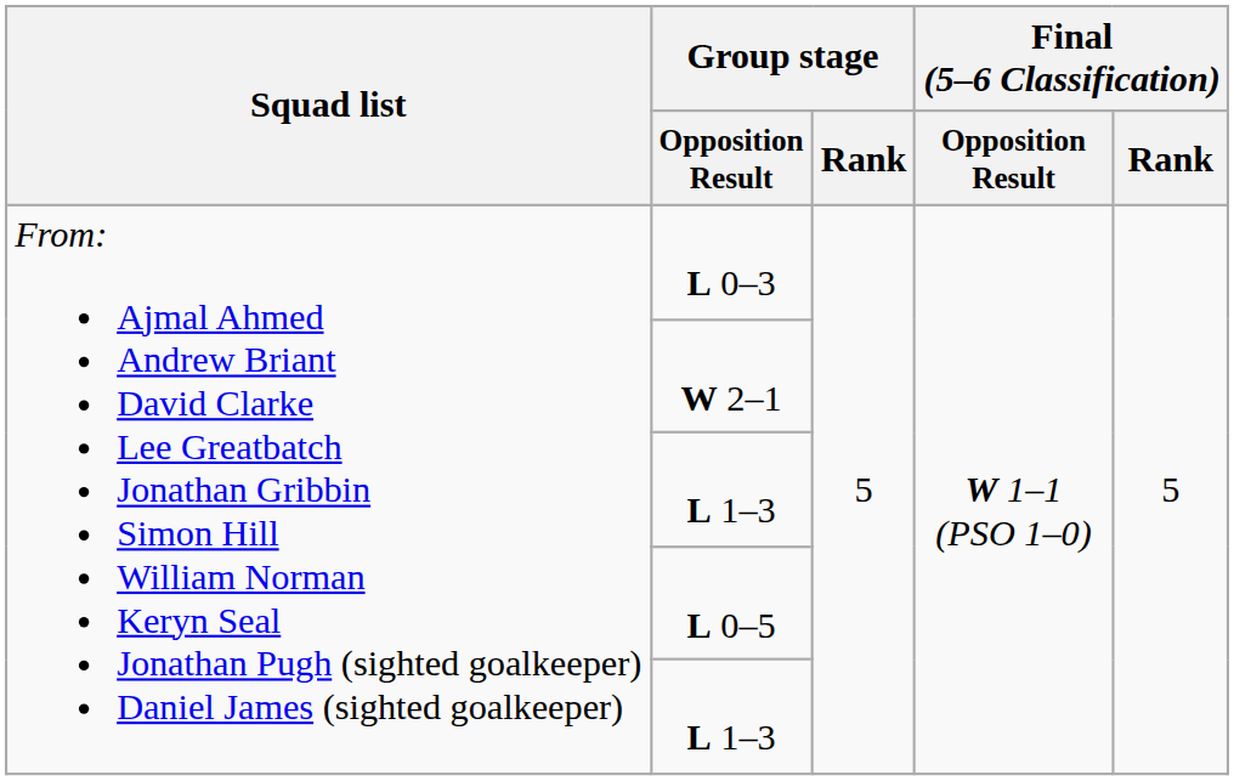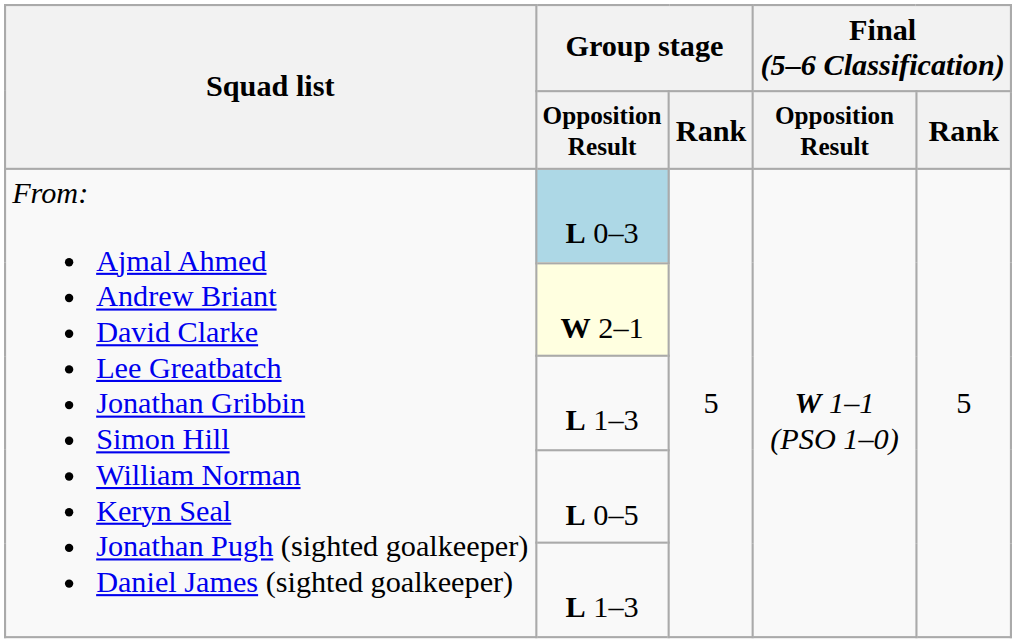 <table class=wikitable style="font-size:90%">
 <tr>
 <th rowspan="2">Squad list</th>
 <th colspan="2">Group stage</th>
 <th colspan="2">Final<br><em>(5–6 Classification)</em></th>
 </tr>
 <tr>
 <th style="line-height:1em"><small>Opposition<br>Result</small></th>
 <th>Rank</th>
 <th style="line-height:1em"><small>Opposition<br>Result</small></th>
 <th>Rank</th>
 </tr>
 <tr>
 <td rowspan="5"><em>From:</em><br><ul><li><a href='#'>Ajmal Ahmed</a></li><li><a href='#'>Andrew Briant</a></li><li><a href='#'>David Clarke</a></li><li><a href='#'>Lee Greatbatch</a></li><li><a href='#'>Jonathan Gribbin</a></li><li><a href='#'>Simon Hill</a></li><li><a href='#'>William Norman</a></li><li><a href='#'>Keryn Seal</a></li><li><a href='#'>Jonathan Pugh</a> (sighted goalkeeper)</li><li><a href='#'>Daniel James</a> (sighted goalkeeper)</li></ul></td>
-<td align="center"><br><strong>L</strong> 0–3</td>
+<td align="center" style="background: lightblue;"><br><strong>L</strong> 0–3</td>
 <td rowspan="5" align="center">5</td>
 <td rowspan="5" align="center"><em><br><strong>W</strong> 1–1<br>(PSO 1–0)</em></td>
 <td rowspan="5" align="center">5</td>
 </tr>
 <tr>
-<td align="center"><br><strong>W</strong> 2–1</td>
+<td align="center" style="background: lightyellow;"><br><strong>W</strong> 2–1</td>
 </tr>
 <tr>
 <td align="center"><br><strong>L</strong> 1–3</td>
 </tr>
 <tr>
 <td align="center"><br><strong>L</strong> 0–5</td>
 </tr>
 <tr>
 <td align="center"><br><strong>L</strong> 1–3</td>
 </tr>
 </table>
